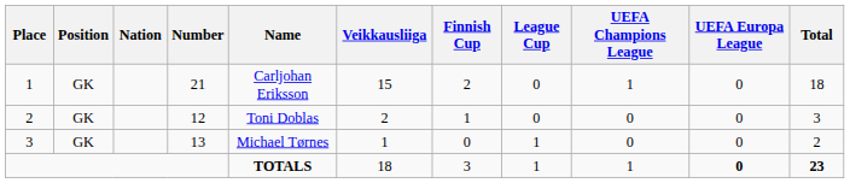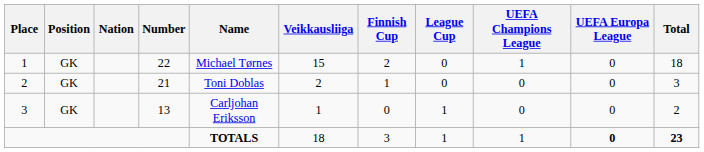 <table class="wikitable" style="font-size: 95%; text-align: center;">
 <tr>
 <th width=60>Place</th>
 <th width=60>Position</th>
 <th width=60>Nation</th>
 <th width=60>Number</th>
 <th width=200>Name</th>
 <th width=100><a href='#'>Veikkausliiga</a></th>
 <th width=100><a href='#'>Finnish Cup</a></th>
 <th width=100><a href='#'>League Cup</a></th>
 <th width=200><a href='#'>UEFA Champions League</a></th>
 <th width=200><a href='#'>UEFA Europa League</a></th>
 <th width=80>Total</th>
 </tr>
 <tr>
 <td>1</td>
 <td>GK</td>
 <td></td>
-<td>21</td>
-<td><a href='#'>Carljohan Eriksson</a></td>
+<td>22</td>
+<td><a href='#'>Michael Tørnes</a></td>
 <td>15</td>
 <td>2</td>
 <td>0</td>
 <td>1</td>
 <td>0</td>
 <td>18</td>
 </tr>
 <tr>
 <td>2</td>
 <td>GK</td>
 <td></td>
-<td>12</td>
+<td>21</td>
 <td><a href='#'>Toni Doblas</a></td>
 <td>2</td>
 <td>1</td>
 <td>0</td>
 <td>0</td>
 <td>0</td>
 <td>3</td>
 </tr>
 <tr>
 <td>3</td>
 <td>GK</td>
 <td></td>
 <td>13</td>
-<td><a href='#'>Michael Tørnes</a></td>
+<td><a href='#'>Carljohan Eriksson</a></td>
 <td>1</td>
 <td>0</td>
 <td>1</td>
 <td>0</td>
 <td>0</td>
 <td>2</td>
 </tr>
 <tr>
 <td colspan="4"></td>
 <td><strong>TOTALS</strong></td>
 <td>18</td>
 <td>3</td>
 <td>1</td>
 <td>1</td>
 <td><strong>0</strong></td>
 <td><strong>23</strong></td>
 </tr>
 </table>
